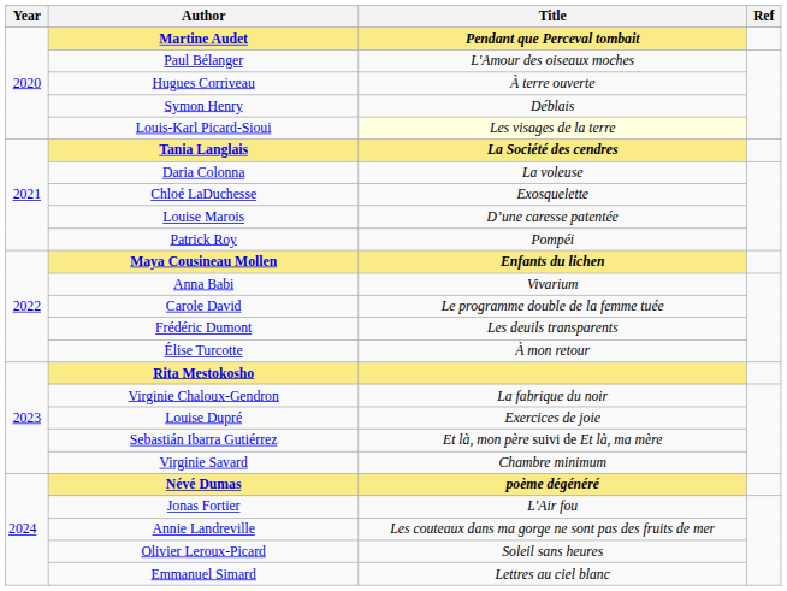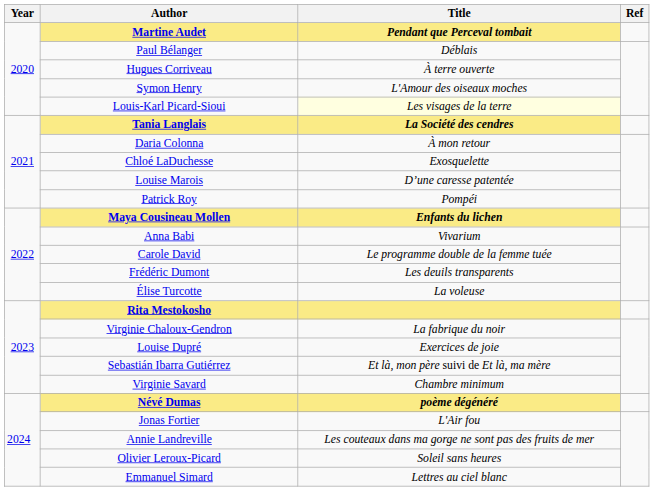 <table class="wikitable" width="100%">
 <tr>
 <th>Year</th>
 <th width="40%">Author</th>
 <th width="50%">Title</th>
 <th>Ref</th>
 </tr>
 <tr>
 <td align="center" rowspan="5"><a href='#'>2020</a></td>
 <td align="center" style="background:#FAEB86"><strong><a href='#'>Martine Audet</a></strong></td>
 <td style="background:#FAEB86" align="center"><strong><em>Pendant que Perceval tombait</em></strong></td>
 <td align="center"></td>
 </tr>
 <tr>
 <td align="center"><a href='#'>Paul Bélanger</a></td>
-<td align="center"><em>L'Amour des oiseaux moches</em></td>
+<td align="center"><em>Déblais</em></td>
 <td align="center" rowspan=4></td>
 </tr>
 <tr>
 <td align="center"><a href='#'>Hugues Corriveau</a></td>
 <td align="center"><em>À terre ouverte</em></td>
 </tr>
 <tr>
 <td align="center"><a href='#'>Symon Henry</a></td>
-<td align="center"><em>Déblais</em></td>
+<td align="center"><em>L'Amour des oiseaux moches</em></td>
 </tr>
 <tr>
 <td align="center"><a href='#'>Louis-Karl Picard-Sioui</a></td>
 <td align="center" style="background: lightyellow;"><em>Les visages de la terre</em></td>
 </tr>
 <tr>
 <td rowspan="5" align="center"><a href='#'>2021</a></td>
 <td style="background:#FAEB86" align="center"><strong><a href='#'>Tania Langlais</a></strong></td>
 <td align="center" style="background:#FAEB86"><strong><em>La Société des cendres</em></strong></td>
 <td align="center"></td>
 </tr>
 <tr>
 <td align="center"><a href='#'>Daria Colonna</a></td>
-<td align="center"><em>La voleuse</em></td>
+<td align="center"><em>À mon retour</em></td>
 <td align="center" rowspan="4"></td>
 </tr>
 <tr>
 <td align="center"><a href='#'>Chloé LaDuchesse</a></td>
 <td align="center"><em>Exosquelette</em></td>
 </tr>
 <tr>
 <td align="center"><a href='#'>Louise Marois</a></td>
 <td align="center"><em>Dʼune caresse patentée</em></td>
 </tr>
 <tr>
 <td align="center"><a href='#'>Patrick Roy</a></td>
 <td align="center"><em>Pompéi</em></td>
 </tr>
 <tr>
 <td align="center" rowspan="5"><a href='#'>2022</a></td>
 <td align="center" style="background:#FAEB86"><strong><a href='#'>Maya Cousineau Mollen</a></strong></td>
 <td align="center" style="background:#FAEB86"><strong><em>Enfants du lichen</em></strong></td>
 <td align="center"></td>
 </tr>
 <tr>
 <td align="center"><a href='#'>Anna Babi</a></td>
 <td align="center"><em>Vivarium</em></td>
 <td align="center" rowspan=4></td>
 </tr>
 <tr>
 <td align="center"><a href='#'>Carole David</a></td>
 <td align="center"><em>Le programme double de la femme tuée</em></td>
 </tr>
 <tr>
 <td align="center"><a href='#'>Frédéric Dumont</a></td>
 <td align="center"><em>Les deuils transparents</em></td>
 </tr>
 <tr>
 <td align="center"><a href='#'>Élise Turcotte</a></td>
-<td align="center"><em>À mon retour</em></td>
+<td align="center"><em>La voleuse</em></td>
 </tr>
 <tr>
 <td align="center" rowspan="5"><a href='#'>2023</a></td>
 <td align="center" style="background:#FAEB86"><strong><a href='#'>Rita Mestokosho</a></strong></td>
 <td align="center" style="background:#FAEB86"><strong> </strong></td>
 <td align="center"></td>
 </tr>
 <tr>
 <td align="center"><a href='#'>Virginie Chaloux-Gendron</a></td>
 <td align="center"><em>La fabrique du noir</em></td>
 <td align="center" rowspan=4></td>
 </tr>
 <tr>
 <td align="center"><a href='#'>Louise Dupré</a></td>
 <td align="center"><em>Exercices de joie</em></td>
 </tr>
 <tr>
 <td align="center"><a href='#'>Sebastián Ibarra Gutiérrez</a></td>
 <td align="center"><em>Et là, mon père</em> suivi de <em>Et là, ma mère</em></td>
 </tr>
 <tr>
 <td align="center"><a href='#'>Virginie Savard</a></td>
 <td align="center"><em>Chambre minimum</em></td>
 </tr>
 <tr>
 <td rowspan="5"><a href='#'>2024</a></td>
 <td align="center" style="background:#FAEB86"><strong><a href='#'>Névé Dumas</a></strong></td>
 <td align="center" style="background:#FAEB86"><strong><em>poème dégénéré</em></strong></td>
 <td align="center"></td>
 </tr>
 <tr>
 <td align="center"><a href='#'>Jonas Fortier</a></td>
 <td align="center"><em>L'Air fou</em></td>
 <td align="center" rowspan=4></td>
 </tr>
 <tr>
 <td align="center"><a href='#'>Annie Landreville</a></td>
 <td align="center"><em>Les couteaux dans ma gorge ne sont pas des fruits de mer</em></td>
 </tr>
 <tr>
 <td align="center"><a href='#'>Olivier Leroux-Picard</a></td>
 <td align="center"><em>Soleil sans heures</em></td>
 </tr>
 <tr>
 <td align="center"><a href='#'>Emmanuel Simard</a></td>
 <td align="center"><em>Lettres au ciel blanc</em></td>
 </tr>
 </table>
